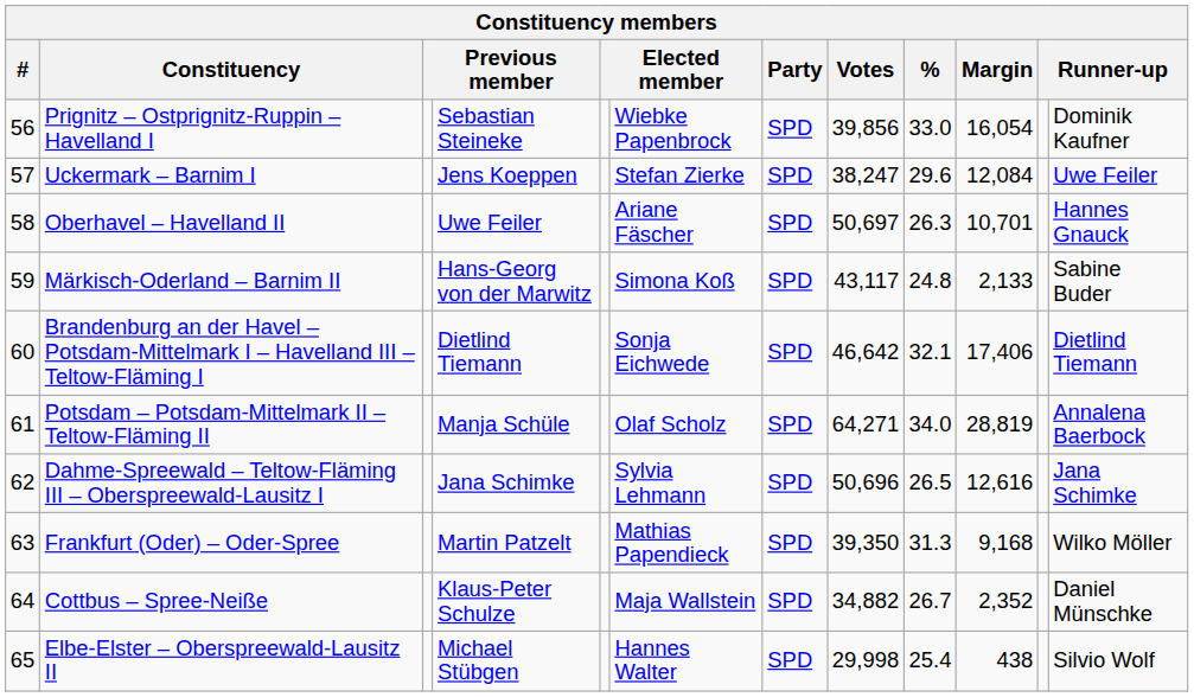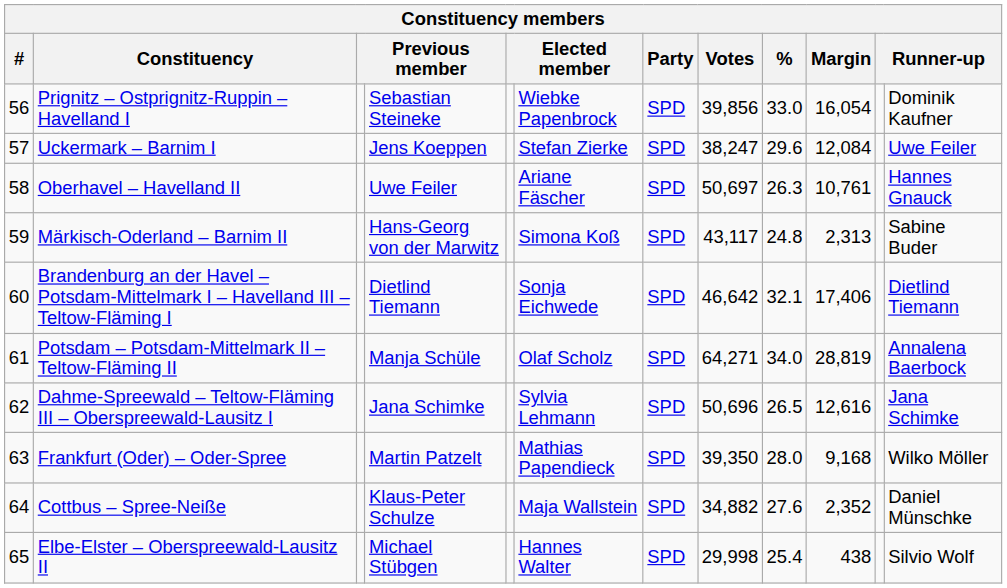 <table class="wikitable sortable" style="text-align:right">
 <tr>
 <th colspan="12">Constituency members</th>
 </tr>
 <tr>
 <th>#</th>
 <th>Constituency</th>
 <th colspan="2">Previous member</th>
 <th colspan="2">Elected member</th>
 <th>Party</th>
 <th>Votes</th>
 <th>%</th>
 <th>Margin</th>
 <th colspan="2">Runner-up</th>
 </tr>
 <tr>
 <td>56</td>
 <td align=left><a href='#'>Prignitz – Ostprignitz-Ruppin – Havelland I</a></td>
 <td bgcolor=></td>
 <td align=left><a href='#'>Sebastian Steineke</a></td>
 <td bgcolor=></td>
 <td align=left><a href='#'>Wiebke Papenbrock</a></td>
 <td align=left><a href='#'>SPD</a></td>
 <td>39,856</td>
 <td>33.0</td>
 <td>16,054</td>
 <td bgcolor=></td>
 <td align=left>Dominik Kaufner</td>
 </tr>
 <tr>
 <td>57</td>
 <td align=left><a href='#'>Uckermark – Barnim I</a></td>
 <td bgcolor=></td>
 <td align=left><a href='#'>Jens Koeppen</a></td>
 <td bgcolor=></td>
 <td align=left><a href='#'>Stefan Zierke</a></td>
 <td align=left><a href='#'>SPD</a></td>
 <td>38,247</td>
 <td>29.6</td>
 <td>12,084</td>
 <td bgcolor=></td>
 <td align=left><a href='#'>Uwe Feiler</a></td>
 </tr>
 <tr>
 <td>58</td>
 <td align=left><a href='#'>Oberhavel – Havelland II</a></td>
 <td bgcolor=></td>
 <td align=left><a href='#'>Uwe Feiler</a></td>
 <td bgcolor=></td>
 <td align=left><a href='#'>Ariane Fäscher</a></td>
 <td align=left><a href='#'>SPD</a></td>
 <td>50,697</td>
 <td>26.3</td>
-<td>10,701</td>
+<td>10,761</td>
 <td bgcolor=></td>
 <td align=left><a href='#'>Hannes Gnauck</a></td>
 </tr>
 <tr>
 <td>59</td>
 <td align=left><a href='#'>Märkisch-Oderland – Barnim II</a></td>
 <td bgcolor=></td>
 <td align=left><a href='#'>Hans-Georg von der Marwitz</a></td>
 <td bgcolor=></td>
 <td align=left><a href='#'>Simona Koß</a></td>
 <td align=left><a href='#'>SPD</a></td>
 <td>43,117</td>
 <td>24.8</td>
-<td>2,133</td>
+<td>2,313</td>
 <td bgcolor=></td>
 <td align=left>Sabine Buder</td>
 </tr>
 <tr>
 <td>60</td>
 <td align=left><a href='#'>Brandenburg an der Havel – Potsdam-Mittelmark I – Havelland III – Teltow-Fläming I</a></td>
 <td bgcolor=></td>
 <td align=left><a href='#'>Dietlind Tiemann</a></td>
 <td bgcolor=></td>
 <td align=left><a href='#'>Sonja Eichwede</a></td>
 <td align=left><a href='#'>SPD</a></td>
 <td>46,642</td>
 <td>32.1</td>
 <td>17,406</td>
 <td bgcolor=></td>
 <td align=left><a href='#'>Dietlind Tiemann</a></td>
 </tr>
 <tr>
 <td>61</td>
 <td align=left><a href='#'>Potsdam – Potsdam-Mittelmark II – Teltow-Fläming II</a></td>
 <td bgcolor=></td>
 <td align=left><a href='#'>Manja Schüle</a></td>
 <td></td>
 <td align=left><a href='#'>Olaf Scholz</a></td>
 <td align=left><a href='#'>SPD</a></td>
 <td>64,271</td>
 <td>34.0</td>
 <td>28,819</td>
 <td bgcolor=></td>
 <td align=left><a href='#'>Annalena Baerbock</a></td>
 </tr>
 <tr>
 <td>62</td>
 <td align=left><a href='#'>Dahme-Spreewald – Teltow-Fläming III – Oberspreewald-Lausitz I</a></td>
 <td bgcolor=></td>
 <td align=left><a href='#'>Jana Schimke</a></td>
 <td bgcolor=></td>
 <td align=left><a href='#'>Sylvia Lehmann</a></td>
 <td align=left><a href='#'>SPD</a></td>
 <td>50,696</td>
 <td>26.5</td>
 <td>12,616</td>
 <td bgcolor=></td>
 <td align=left><a href='#'>Jana Schimke</a></td>
 </tr>
 <tr>
 <td>63</td>
 <td align=left><a href='#'>Frankfurt (Oder) – Oder-Spree</a></td>
 <td bgcolor=></td>
 <td align=left><a href='#'>Martin Patzelt</a></td>
 <td bgcolor=></td>
 <td align=left><a href='#'>Mathias Papendieck</a></td>
 <td align=left><a href='#'>SPD</a></td>
 <td>39,350</td>
-<td>31.3</td>
+<td>28.0</td>
 <td>9,168</td>
 <td bgcolor=></td>
 <td align=left>Wilko Möller</td>
 </tr>
 <tr>
 <td>64</td>
 <td align=left><a href='#'>Cottbus – Spree-Neiße</a></td>
 <td bgcolor=></td>
 <td align=left><a href='#'>Klaus-Peter Schulze</a></td>
 <td bgcolor=></td>
 <td align=left><a href='#'>Maja Wallstein</a></td>
 <td align=left><a href='#'>SPD</a></td>
 <td>34,882</td>
-<td>26.7</td>
+<td>27.6</td>
 <td>2,352</td>
 <td bgcolor=></td>
 <td align=left>Daniel Münschke</td>
 </tr>
 <tr>
 <td>65</td>
 <td align=left><a href='#'>Elbe-Elster – Oberspreewald-Lausitz II</a></td>
 <td bgcolor=></td>
 <td align=left><a href='#'>Michael Stübgen</a></td>
 <td bgcolor=></td>
 <td align=left><a href='#'>Hannes Walter</a></td>
 <td align=left><a href='#'>SPD</a></td>
 <td>29,998</td>
 <td>25.4</td>
 <td>438</td>
 <td bgcolor=></td>
 <td align=left>Silvio Wolf</td>
 </tr>
 </table>
